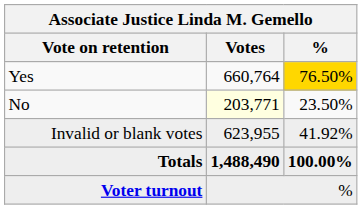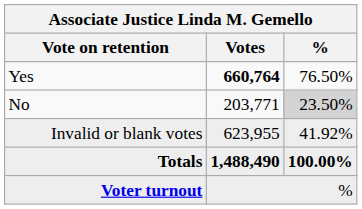 <table class="wikitable" style="font-size: 95%;">
 <tr style="background-color:#E9E9E9">
 <th colspan=7>Associate Justice Linda M. Gemello</th>
 </tr>
 <tr style="background-color:#E9E9E9">
 <th style="width: 170px">Vote on retention</th>
 <th style="width: 50px">Votes</th>
 <th style="width: 40px">%</th>
 </tr>
 <tr>
 <td>Yes</td>
-<td align="right">660,764</td>
-<td align="right" style="background: gold;">76.50%</td>
+<td align="right"><strong>660,764</strong></td>
+<td align="right">76.50%</td>
 </tr>
 <tr>
 <td>No</td>
-<td align="right" style="background: lightyellow;">203,771</td>
-<td align="right">23.50%</td>
+<td align="right">203,771</td>
+<td align="right" style="background: lightgrey;">23.50%</td>
 </tr>
 <tr bgcolor="#EEEEEE">
 <td align="right">Invalid or blank votes</td>
 <td align="right">623,955</td>
 <td align="right">41.92%</td>
 </tr>
 <tr bgcolor="#EEEEEE">
 <td align="right"><strong>Totals</strong></td>
 <td align="right"><strong>1,488,490</strong></td>
 <td align="right"><strong>100.00%</strong></td>
 </tr>
 <tr bgcolor="#EEEEEE">
 <td align="right"><strong><a href='#'>Voter turnout</a></strong></td>
 <td colspan="2" align="right">%</td>
 </tr>
 </table>
